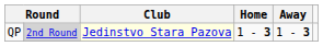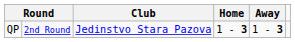 <table class="wikitable">
 <tr>
 <th colspan="2">Round</th>
 <th>Club</th>
 <th>Home</th>
 <th>Away</th>
 </tr>
 <tr>
 <td>QP</td>
-<td style="background: lightgrey;"><small><a href='#'>2nd Round</a></small></td>
-<td style="background: lightyellow;"> <a href='#'>Jedinstvo Stara Pazova</a></td>
+<td><small><a href='#'>2nd Round</a></small></td>
+<td> <a href='#'>Jedinstvo Stara Pazova</a></td>
 <td style="text-align:center;">1 - <strong>3</strong></td>
 <td style="text-align:center;">1 - <strong>3</strong></td>
 <td style="text-align:center;"></td>
 </tr>
 </table>
